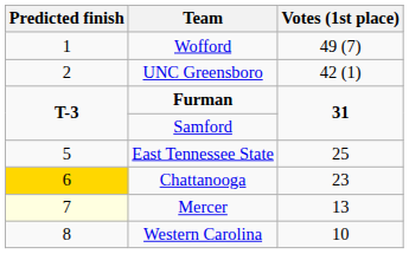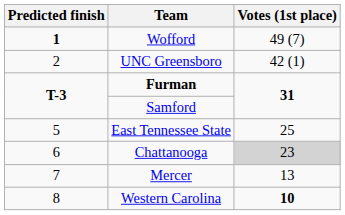 <table class="wikitable" border="1">
 <tr align=center>
 <th>Predicted finish</th>
 <th>Team</th>
 <th>Votes (1st place)</th>
 </tr>
 <tr align="center">
-<td>1</td>
+<td><strong>1</strong></td>
 <td><a href='#'>Wofford</a></td>
 <td>49 (7)</td>
 </tr>
 <tr align="center">
 <td>2</td>
 <td><a href='#'>UNC Greensboro</a></td>
 <td>42 (1)</td>
 </tr>
 <tr align="center">
 <td rowspan=2><strong>T-3</strong></td>
 <td><strong>Furman</strong></td>
 <td rowspan=2><strong>31</strong></td>
 </tr>
 <tr align="center">
 <td><a href='#'>Samford</a></td>
 </tr>
 <tr align="center">
 <td>5</td>
 <td><a href='#'>East Tennessee State</a></td>
 <td>25</td>
 </tr>
 <tr align="center">
-<td style="background: gold;">6</td>
+<td>6</td>
 <td><a href='#'>Chattanooga</a></td>
-<td>23</td>
+<td style="background: lightgrey;">23</td>
 </tr>
 <tr align="center">
-<td style="background: lightyellow;">7</td>
+<td>7</td>
 <td><a href='#'>Mercer</a></td>
 <td>13</td>
 </tr>
 <tr align="center">
 <td>8</td>
 <td><a href='#'>Western Carolina</a></td>
-<td>10</td>
+<td><strong>10</strong></td>
 </tr>
 </table>
